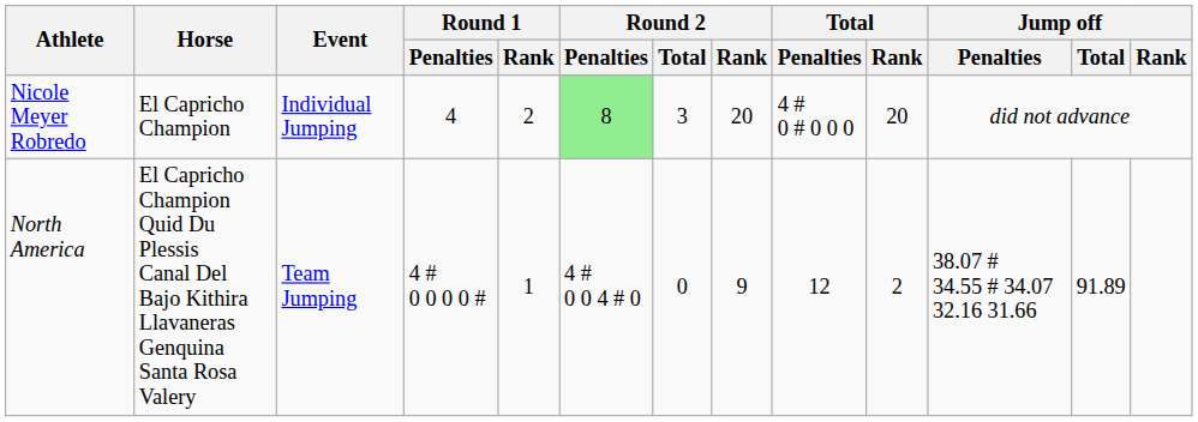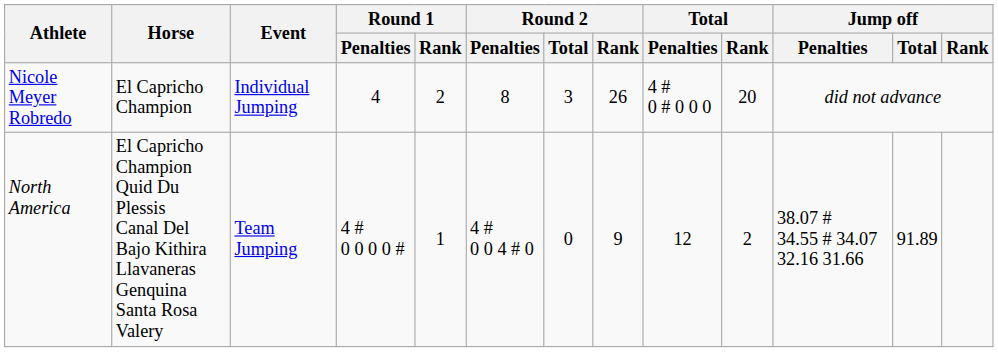 <table class="wikitable" border="1">
 <tr>
 <th rowspan="2">Athlete</th>
 <th rowspan="2">Horse</th>
 <th rowspan="2">Event</th>
 <th colspan="2">Round 1</th>
 <th colspan="3">Round 2</th>
 <th colspan="2">Total</th>
 <th colspan="3">Jump off</th>
 </tr>
 <tr>
 <th>Penalties</th>
 <th>Rank</th>
 <th>Penalties</th>
 <th>Total</th>
 <th>Rank</th>
 <th>Penalties</th>
 <th>Rank</th>
 <th>Penalties</th>
 <th>Total</th>
 <th>Rank</th>
 </tr>
 <tr align="center">
 <td align="left"><a href='#'>Nicole Meyer Robredo</a></td>
 <td align="left">El Capricho Champion</td>
 <td align="left"><a href='#'>Individual Jumping</a></td>
 <td>4</td>
 <td>2</td>
-<td style="background: lightgreen;">8</td>
+<td>8</td>
 <td>3</td>
-<td>20</td>
+<td>26</td>
 <td align="left">4 #<br>0 # 0 0 0</td>
 <td>20</td>
 <td colspan="3"><em>did not advance</em></td>
 </tr>
 <tr align="center">
 <td align="left"><em>North America</em><br><br><br><br><br></td>
 <td align="left">El Capricho Champion<br>Quid Du Plessis<br>Canal Del Bajo Kithira<br>Llavaneras Genquina<br>Santa Rosa Valery</td>
 <td align="left"><a href='#'>Team Jumping</a></td>
 <td align="left">4 #<br>0 0 0 0 #</td>
 <td>1</td>
 <td align="left">4 #<br>0 0 4 # 0</td>
 <td>0</td>
 <td>9</td>
 <td>12</td>
 <td>2</td>
 <td align="left">38.07 #<br>34.55 # 34.07 32.16 31.66</td>
 <td>91.89</td>
 <td></td>
 </tr>
 </table>
